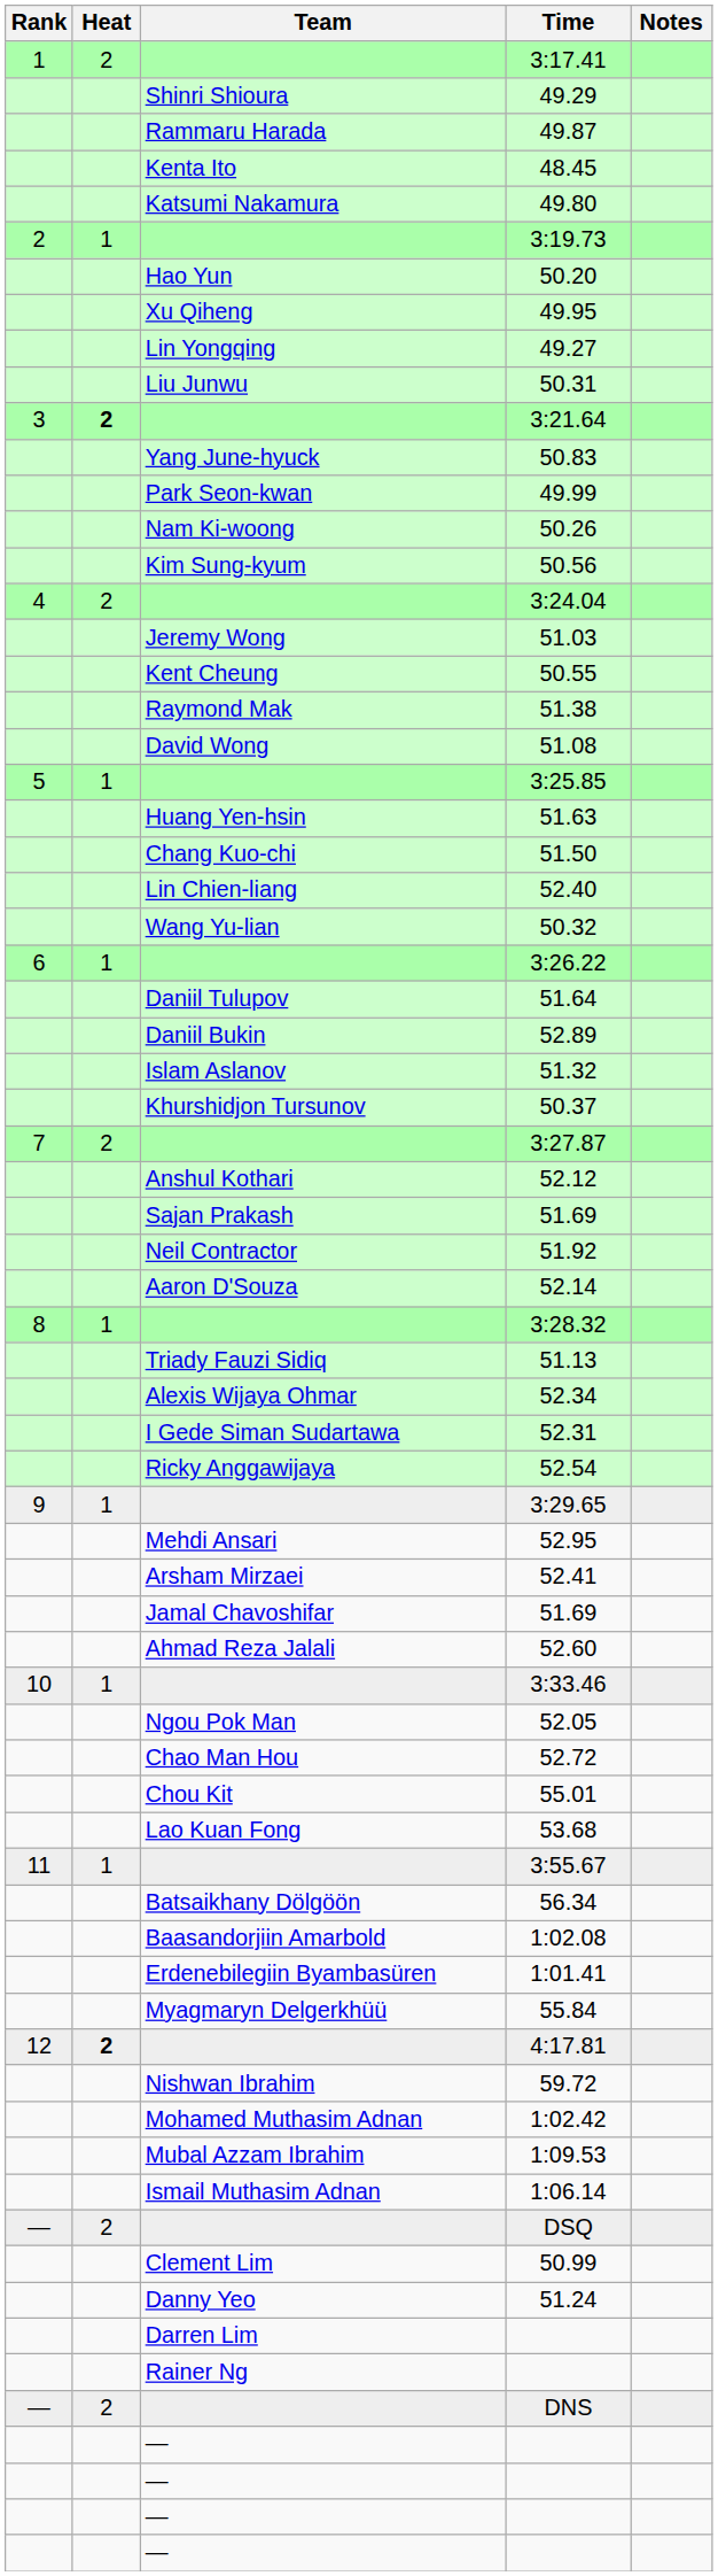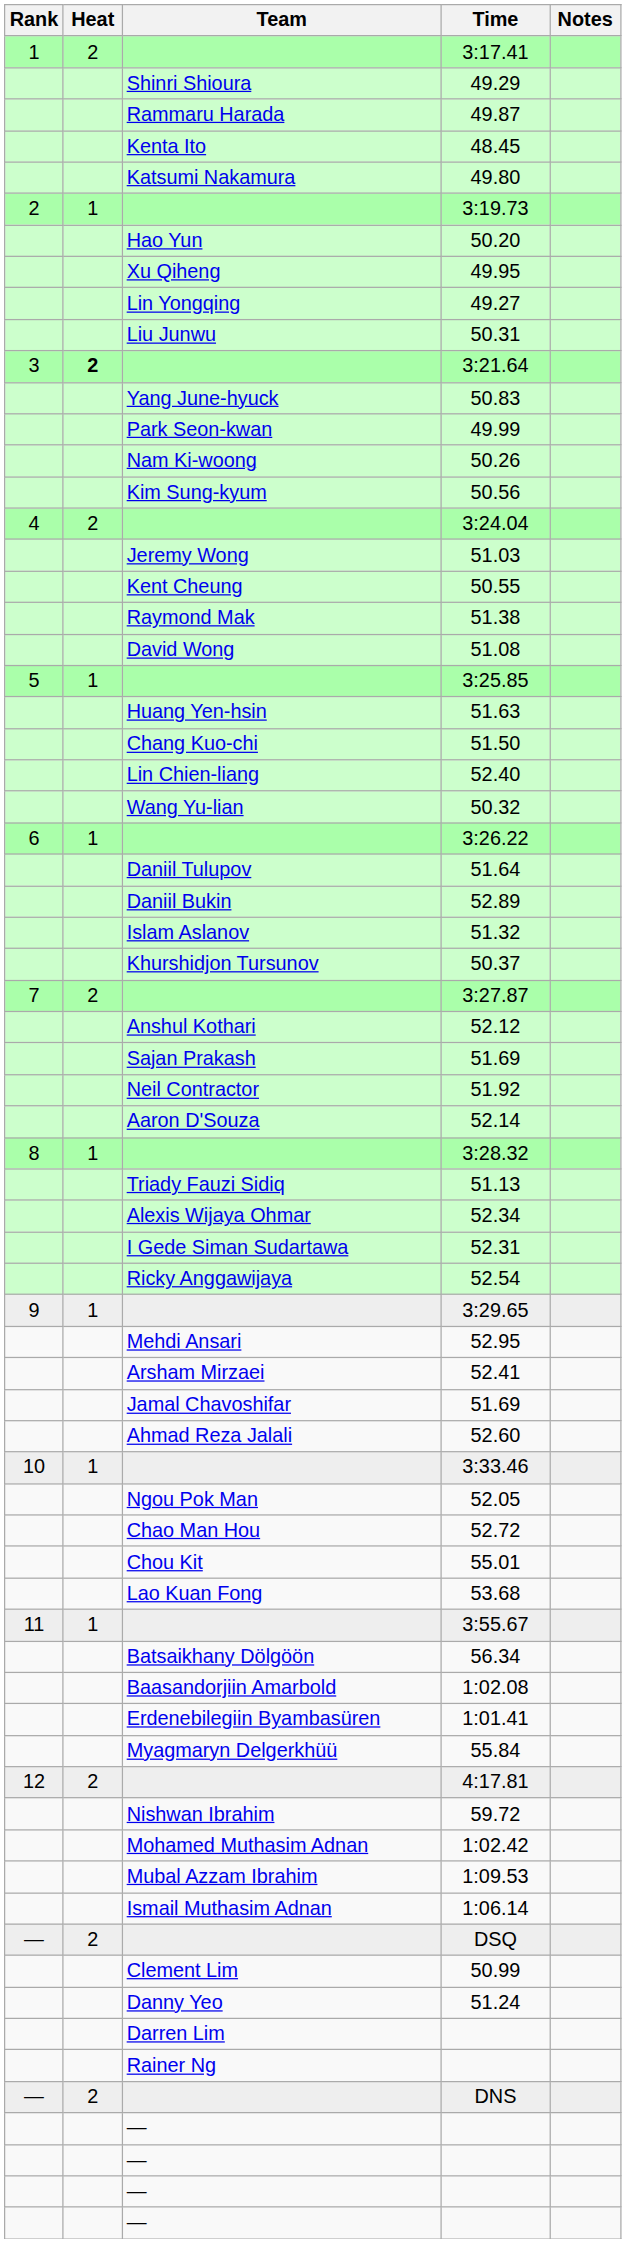 <table class="wikitable" style="text-align:center">
 <tr>
 <th width=40>Rank</th>
 <th width=40>Heat</th>
 <th width=250>Team</th>
 <th width=80>Time</th>
 <th width=50>Notes</th>
 </tr>
 <tr bgcolor="aaffaa">
 <td>1</td>
 <td>2</td>
 <td align=left></td>
 <td>3:17.41</td>
 <td></td>
 </tr>
 <tr bgcolor="ccffcc">
 <td></td>
 <td></td>
 <td align=left><a href='#'>Shinri Shioura</a></td>
 <td>49.29</td>
 <td></td>
 </tr>
 <tr bgcolor="ccffcc">
 <td></td>
 <td></td>
 <td align=left><a href='#'>Rammaru Harada</a></td>
 <td>49.87</td>
 <td></td>
 </tr>
 <tr bgcolor="ccffcc">
 <td></td>
 <td></td>
 <td align=left><a href='#'>Kenta Ito</a></td>
 <td>48.45</td>
 <td></td>
 </tr>
 <tr bgcolor="ccffcc">
 <td></td>
 <td></td>
 <td align=left><a href='#'>Katsumi Nakamura</a></td>
 <td>49.80</td>
 <td></td>
 </tr>
 <tr bgcolor="aaffaa">
 <td>2</td>
 <td>1</td>
 <td align=left></td>
 <td>3:19.73</td>
 <td></td>
 </tr>
 <tr bgcolor="ccffcc">
 <td></td>
 <td></td>
 <td align=left><a href='#'>Hao Yun</a></td>
 <td>50.20</td>
 <td></td>
 </tr>
 <tr bgcolor="ccffcc">
 <td></td>
 <td></td>
 <td align=left><a href='#'>Xu Qiheng</a></td>
 <td>49.95</td>
 <td></td>
 </tr>
 <tr bgcolor="ccffcc">
 <td></td>
 <td></td>
 <td align=left><a href='#'>Lin Yongqing</a></td>
 <td>49.27</td>
 <td></td>
 </tr>
 <tr bgcolor="ccffcc">
 <td></td>
 <td></td>
 <td align=left><a href='#'>Liu Junwu</a></td>
 <td>50.31</td>
 <td></td>
 </tr>
 <tr bgcolor="aaffaa">
 <td>3</td>
 <td><strong>2</strong></td>
 <td align=left></td>
 <td>3:21.64</td>
 <td></td>
 </tr>
 <tr bgcolor="ccffcc">
 <td></td>
 <td></td>
 <td align=left><a href='#'>Yang June-hyuck</a></td>
 <td>50.83</td>
 <td></td>
 </tr>
 <tr bgcolor="ccffcc">
 <td></td>
 <td></td>
 <td align=left><a href='#'>Park Seon-kwan</a></td>
 <td>49.99</td>
 <td></td>
 </tr>
 <tr bgcolor="ccffcc">
 <td></td>
 <td></td>
 <td align=left><a href='#'>Nam Ki-woong</a></td>
 <td>50.26</td>
 <td></td>
 </tr>
 <tr bgcolor="ccffcc">
 <td></td>
 <td></td>
 <td align=left><a href='#'>Kim Sung-kyum</a></td>
 <td>50.56</td>
 <td></td>
 </tr>
 <tr bgcolor="aaffaa">
 <td>4</td>
 <td>2</td>
 <td align=left></td>
 <td>3:24.04</td>
 <td></td>
 </tr>
 <tr bgcolor="ccffcc">
 <td></td>
 <td></td>
 <td align=left><a href='#'>Jeremy Wong</a></td>
 <td>51.03</td>
 <td></td>
 </tr>
 <tr bgcolor="ccffcc">
 <td></td>
 <td></td>
 <td align=left><a href='#'>Kent Cheung</a></td>
 <td>50.55</td>
 <td></td>
 </tr>
 <tr bgcolor="ccffcc">
 <td></td>
 <td></td>
 <td align=left><a href='#'>Raymond Mak</a></td>
 <td>51.38</td>
 <td></td>
 </tr>
 <tr bgcolor="ccffcc">
 <td></td>
 <td></td>
 <td align=left><a href='#'>David Wong</a></td>
 <td>51.08</td>
 <td></td>
 </tr>
 <tr bgcolor="aaffaa">
 <td>5</td>
 <td>1</td>
 <td align=left></td>
 <td>3:25.85</td>
 <td></td>
 </tr>
 <tr bgcolor="ccffcc">
 <td></td>
 <td></td>
 <td align=left><a href='#'>Huang Yen-hsin</a></td>
 <td>51.63</td>
 <td></td>
 </tr>
 <tr bgcolor="ccffcc">
 <td></td>
 <td></td>
 <td align=left><a href='#'>Chang Kuo-chi</a></td>
 <td>51.50</td>
 <td></td>
 </tr>
 <tr bgcolor="ccffcc">
 <td></td>
 <td></td>
 <td align=left><a href='#'>Lin Chien-liang</a></td>
 <td>52.40</td>
 <td></td>
 </tr>
 <tr bgcolor="ccffcc">
 <td></td>
 <td></td>
 <td align=left><a href='#'>Wang Yu-lian</a></td>
 <td>50.32</td>
 <td></td>
 </tr>
 <tr bgcolor="aaffaa">
 <td>6</td>
 <td>1</td>
 <td align=left></td>
 <td>3:26.22</td>
 <td></td>
 </tr>
 <tr bgcolor="ccffcc">
 <td></td>
 <td></td>
 <td align=left><a href='#'>Daniil Tulupov</a></td>
 <td>51.64</td>
 <td></td>
 </tr>
 <tr bgcolor="ccffcc">
 <td></td>
 <td></td>
 <td align=left><a href='#'>Daniil Bukin</a></td>
 <td>52.89</td>
 <td></td>
 </tr>
 <tr bgcolor="ccffcc">
 <td></td>
 <td></td>
 <td align=left><a href='#'>Islam Aslanov</a></td>
 <td>51.32</td>
 <td></td>
 </tr>
 <tr bgcolor="ccffcc">
 <td></td>
 <td></td>
 <td align=left><a href='#'>Khurshidjon Tursunov</a></td>
 <td>50.37</td>
 <td></td>
 </tr>
 <tr bgcolor="aaffaa">
 <td>7</td>
 <td>2</td>
 <td align=left></td>
 <td>3:27.87</td>
 <td></td>
 </tr>
 <tr bgcolor="ccffcc">
 <td></td>
 <td></td>
 <td align=left><a href='#'>Anshul Kothari</a></td>
 <td>52.12</td>
 <td></td>
 </tr>
 <tr bgcolor="ccffcc">
 <td></td>
 <td></td>
 <td align=left><a href='#'>Sajan Prakash</a></td>
 <td>51.69</td>
 <td></td>
 </tr>
 <tr bgcolor="ccffcc">
 <td></td>
 <td></td>
 <td align=left><a href='#'>Neil Contractor</a></td>
 <td>51.92</td>
 <td></td>
 </tr>
 <tr bgcolor="ccffcc">
 <td></td>
 <td></td>
 <td align=left><a href='#'>Aaron D'Souza</a></td>
 <td>52.14</td>
 <td></td>
 </tr>
 <tr bgcolor="aaffaa">
 <td>8</td>
 <td>1</td>
 <td align=left></td>
 <td>3:28.32</td>
 <td></td>
 </tr>
 <tr bgcolor="ccffcc">
 <td></td>
 <td></td>
 <td align=left><a href='#'>Triady Fauzi Sidiq</a></td>
 <td>51.13</td>
 <td></td>
 </tr>
 <tr bgcolor="ccffcc">
 <td></td>
 <td></td>
 <td align=left><a href='#'>Alexis Wijaya Ohmar</a></td>
 <td>52.34</td>
 <td></td>
 </tr>
 <tr bgcolor="ccffcc">
 <td></td>
 <td></td>
 <td align=left><a href='#'>I Gede Siman Sudartawa</a></td>
 <td>52.31</td>
 <td></td>
 </tr>
 <tr bgcolor="ccffcc">
 <td></td>
 <td></td>
 <td align=left><a href='#'>Ricky Anggawijaya</a></td>
 <td>52.54</td>
 <td></td>
 </tr>
 <tr bgcolor=eeeeee>
 <td>9</td>
 <td>1</td>
 <td align=left></td>
 <td>3:29.65</td>
 <td></td>
 </tr>
 <tr>
 <td></td>
 <td></td>
 <td align=left><a href='#'>Mehdi Ansari</a></td>
 <td>52.95</td>
 <td></td>
 </tr>
 <tr>
 <td></td>
 <td></td>
 <td align=left><a href='#'>Arsham Mirzaei</a></td>
 <td>52.41</td>
 <td></td>
 </tr>
 <tr>
 <td></td>
 <td></td>
 <td align=left><a href='#'>Jamal Chavoshifar</a></td>
 <td>51.69</td>
 <td></td>
 </tr>
 <tr>
 <td></td>
 <td></td>
 <td align=left><a href='#'>Ahmad Reza Jalali</a></td>
 <td>52.60</td>
 <td></td>
 </tr>
 <tr bgcolor=eeeeee>
 <td>10</td>
 <td>1</td>
 <td align=left></td>
 <td>3:33.46</td>
 <td></td>
 </tr>
 <tr>
 <td></td>
 <td></td>
 <td align=left><a href='#'>Ngou Pok Man</a></td>
 <td>52.05</td>
 <td></td>
 </tr>
 <tr>
 <td></td>
 <td></td>
 <td align=left><a href='#'>Chao Man Hou</a></td>
 <td>52.72</td>
 <td></td>
 </tr>
 <tr>
 <td></td>
 <td></td>
 <td align=left><a href='#'>Chou Kit</a></td>
 <td>55.01</td>
 <td></td>
 </tr>
 <tr>
 <td></td>
 <td></td>
 <td align=left><a href='#'>Lao Kuan Fong</a></td>
 <td>53.68</td>
 <td></td>
 </tr>
 <tr bgcolor=eeeeee>
 <td>11</td>
 <td>1</td>
 <td align=left></td>
 <td>3:55.67</td>
 <td></td>
 </tr>
 <tr>
 <td></td>
 <td></td>
 <td align=left><a href='#'>Batsaikhany Dölgöön</a></td>
 <td>56.34</td>
 <td></td>
 </tr>
 <tr>
 <td></td>
 <td></td>
 <td align=left><a href='#'>Baasandorjiin Amarbold</a></td>
 <td>1:02.08</td>
 <td></td>
 </tr>
 <tr>
 <td></td>
 <td></td>
 <td align=left><a href='#'>Erdenebilegiin Byambasüren</a></td>
 <td>1:01.41</td>
 <td></td>
 </tr>
 <tr>
 <td></td>
 <td></td>
 <td align=left><a href='#'>Myagmaryn Delgerkhüü</a></td>
 <td>55.84</td>
 <td></td>
 </tr>
 <tr bgcolor=eeeeee>
 <td>12</td>
-<td><strong>2</strong></td>
+<td>2</td>
 <td align=left></td>
 <td>4:17.81</td>
 <td></td>
 </tr>
 <tr>
 <td></td>
 <td></td>
 <td align=left><a href='#'>Nishwan Ibrahim</a></td>
 <td>59.72</td>
 <td></td>
 </tr>
 <tr>
 <td></td>
 <td></td>
 <td align=left><a href='#'>Mohamed Muthasim Adnan</a></td>
 <td>1:02.42</td>
 <td></td>
 </tr>
 <tr>
 <td></td>
 <td></td>
 <td align=left><a href='#'>Mubal Azzam Ibrahim</a></td>
 <td>1:09.53</td>
 <td></td>
 </tr>
 <tr>
 <td></td>
 <td></td>
 <td align=left><a href='#'>Ismail Muthasim Adnan</a></td>
 <td>1:06.14</td>
 <td></td>
 </tr>
 <tr bgcolor=eeeeee>
 <td>—</td>
 <td>2</td>
 <td align=left></td>
 <td>DSQ</td>
 <td></td>
 </tr>
 <tr>
 <td></td>
 <td></td>
 <td align=left><a href='#'>Clement Lim</a></td>
 <td>50.99</td>
 <td></td>
 </tr>
 <tr>
 <td></td>
 <td></td>
 <td align=left><a href='#'>Danny Yeo</a></td>
 <td>51.24</td>
 <td></td>
 </tr>
 <tr>
 <td></td>
 <td></td>
 <td align=left><a href='#'>Darren Lim</a></td>
 <td></td>
 <td></td>
 </tr>
 <tr>
 <td></td>
 <td></td>
 <td align=left><a href='#'>Rainer Ng</a></td>
 <td></td>
 <td></td>
 </tr>
 <tr bgcolor=eeeeee>
 <td>—</td>
 <td>2</td>
 <td align=left></td>
 <td>DNS</td>
 <td></td>
 </tr>
 <tr>
 <td></td>
 <td></td>
 <td align=left>—</td>
 <td></td>
 <td></td>
 </tr>
 <tr>
 <td></td>
 <td></td>
 <td align=left>—</td>
 <td></td>
 <td></td>
 </tr>
 <tr>
 <td></td>
 <td></td>
 <td align=left>—</td>
 <td></td>
 <td></td>
 </tr>
 <tr>
 <td></td>
 <td></td>
 <td align=left>—</td>
 <td></td>
 <td></td>
 </tr>
 </table>
